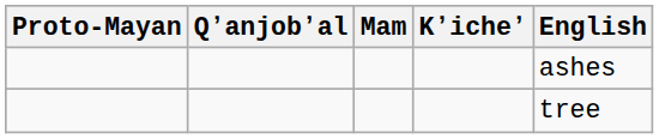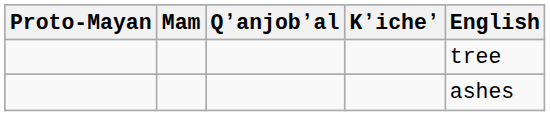 <table class="wikitable">
 <tr>
 <th>Proto-Mayan</th>
+<th>Mam</th>
 <th>Qʼanjobʼal</th>
-<th>Mam</th>
 <th>Kʼicheʼ</th>
 <th>English</th>
 </tr>
 <tr>
 <td></td>
 <td></td>
 <td></td>
 <td></td>
-<td>ashes</td>
+<td>tree</td>
 </tr>
 <tr>
 <td></td>
 <td></td>
 <td></td>
 <td></td>
-<td>tree</td>
+<td>ashes</td>
 </tr>
 </table>
